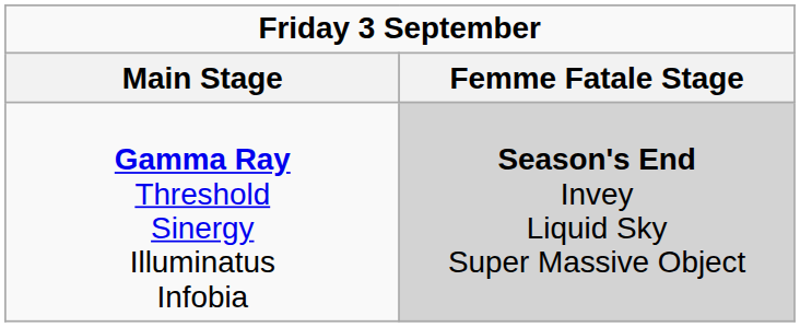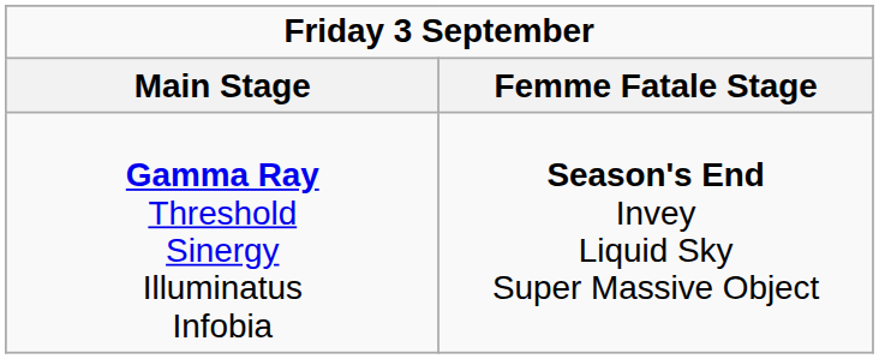 <table class="wikitable">
 <tr>
 <td colspan="2" align="center"><strong>Friday 3 September</strong></td>
 </tr>
 <tr>
 <th>Main Stage</th>
 <th>Femme Fatale Stage</th>
 </tr>
 <tr>
 <td valign="top" align="center" width=200><br><strong><a href='#'>Gamma Ray</a></strong><br> <a href='#'>Threshold</a><br> <a href='#'>Sinergy</a><br> Illuminatus<br> Infobia<br></td>
-<td valign="top" align="center" width=200 style="background: lightgrey;"><br><strong>Season's End</strong><br> Invey<br> Liquid Sky<br> Super Massive Object<br></td>
+<td valign="top" align="center" width=200><br><strong>Season's End</strong><br> Invey<br> Liquid Sky<br> Super Massive Object<br></td>
 </tr>
 </table>
